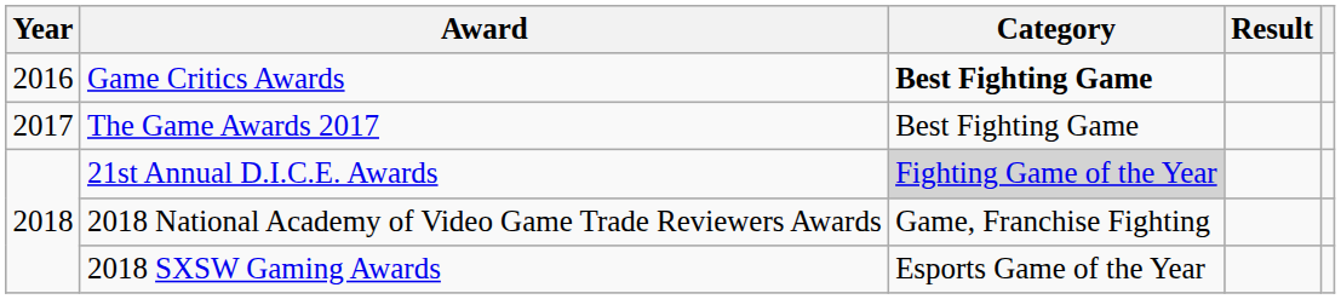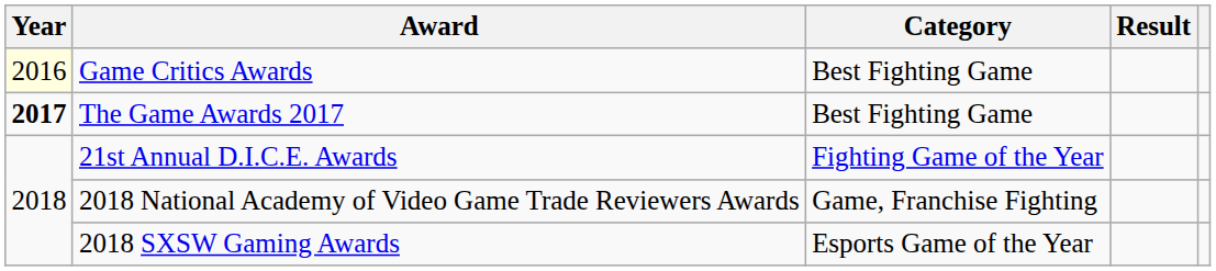 <table class="wikitable sortable">
 <tr>
 <th>Year</th>
 <th>Award</th>
 <th>Category</th>
 <th>Result</th>
 <th></th>
 </tr>
 <tr>
-<td style="text-align:center;" rowspan="1">2016</td>
+<td style="background: lightyellow; text-align:center;" rowspan="1">2016</td>
 <td rowspan="1"><a href='#'>Game Critics Awards</a></td>
-<td><strong>Best Fighting Game</strong></td>
+<td>Best Fighting Game</td>
 <td></td>
 <td rowspan="1" style="text-align:center;"></td>
 </tr>
 <tr>
-<td style="text-align:center;" rowspan="1">2017</td>
+<td style="text-align:center;" rowspan="1"><strong>2017</strong></td>
 <td rowspan="1"><a href='#'>The Game Awards 2017</a></td>
 <td>Best Fighting Game</td>
 <td></td>
 <td rowspan="1" style="text-align:center;"></td>
 </tr>
 <tr>
 <td style="text-align:center;" rowspan="3">2018</td>
 <td rowspan="1"><a href='#'>21st Annual D.I.C.E. Awards</a></td>
-<td style="background: lightgrey;"><a href='#'>Fighting Game of the Year</a></td>
+<td><a href='#'>Fighting Game of the Year</a></td>
 <td></td>
 <td rowspan="1" style="text-align:center;"></td>
 </tr>
 <tr>
 <td rowspan="1">2018 National Academy of Video Game Trade Reviewers Awards</td>
 <td>Game, Franchise Fighting</td>
 <td></td>
 <td rowspan="1" style="text-align:center;"></td>
 </tr>
 <tr>
 <td rowspan="1">2018 <a href='#'>SXSW Gaming Awards</a></td>
 <td>Esports Game of the Year</td>
 <td></td>
 <td rowspan="1" style="text-align:center;"></td>
 </tr>
 </table>
